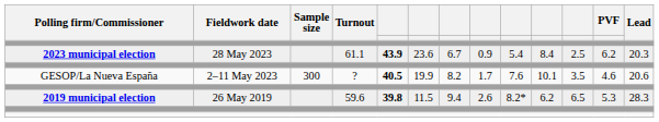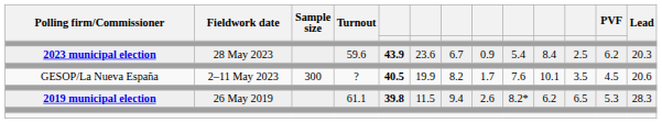 <table class="wikitable collapsible collapsed" style="text-align:center; font-size:95%; line-height:16px;">
 <tr style="height:42px;">
 <th style="width:250px;" rowspan="2">Polling firm/Commissioner</th>
 <th style="width:125px;" rowspan="2">Fieldwork date</th>
 <th style="width:50px;" rowspan="2">Sample size</th>
 <th style="width:45px;" rowspan="2">Turnout</th>
 <th style="width:35px;"></th>
 <th style="width:35px;"></th>
 <th style="width:35px;"></th>
 <th style="width:35px;"></th>
 <th style="width:35px;"></th>
 <th style="width:35px;"></th>
 <th style="width:35px;"></th>
 <th style="width:35px;">PVF</th>
 <th style="width:30px;" rowspan="2">Lead</th>
 </tr>
 <tr>
 <th style="color:inherit;background:"></th>
 <th style="color:inherit;background:"></th>
 <th style="color:inherit;background:"></th>
 <th style="color:inherit;background:"></th>
 <th style="color:inherit;background:"></th>
 <th style="color:inherit;background:"></th>
 <th style="color:inherit;background:"></th>
 <th style="color:inherit;background:"></th>
 </tr>
 <tr>
 <td colspan="13" style="background:#A0A0A0"></td>
 </tr>
 <tr style="background:#EFEFEF;">
 <td><strong><a href='#'>2023 municipal election</a></strong></td>
 <td>28 May 2023</td>
 <td></td>
-<td>61.1</td>
+<td>59.6</td>
 <td><strong>43.9</strong><br></td>
 <td>23.6<br></td>
 <td>6.7<br></td>
 <td>0.9<br></td>
 <td>5.4<br></td>
 <td>8.4<br></td>
 <td>2.5<br></td>
 <td>6.2<br></td>
 <td style="background:">20.3</td>
 </tr>
 <tr>
 <td colspan="13" style="background:#A0A0A0"></td>
 </tr>
 <tr>
 <td>GESOP/La Nueva España</td>
 <td>2–11 May 2023</td>
 <td>300</td>
 <td>?</td>
 <td><strong>40.5</strong><br></td>
 <td>19.9<br></td>
 <td>8.2<br></td>
 <td>1.7<br></td>
 <td>7.6<br></td>
 <td>10.1<br></td>
 <td>3.5<br></td>
-<td>4.6<br></td>
+<td>4.5<br></td>
 <td style="background:">20.6</td>
 </tr>
 <tr>
 <td colspan="13" style="background:#A0A0A0"></td>
 </tr>
 <tr style="background:#EFEFEF;">
 <td><strong><a href='#'>2019 municipal election</a></strong></td>
 <td>26 May 2019</td>
 <td></td>
-<td>59.6</td>
+<td>61.1</td>
 <td><strong>39.8</strong><br></td>
 <td>11.5<br></td>
 <td>9.4<br></td>
 <td>2.6<br></td>
 <td>8.2*<br></td>
 <td>6.2<br></td>
 <td>6.5<br></td>
 <td>5.3<br></td>
 <td style="background:">28.3</td>
 </tr>
 <tr>
 <td colspan="13" style="background:#A0A0A0"></td>
 </tr>
 <tr>
 <td align="left" colspan="13"></td>
 </tr>
 </table>
